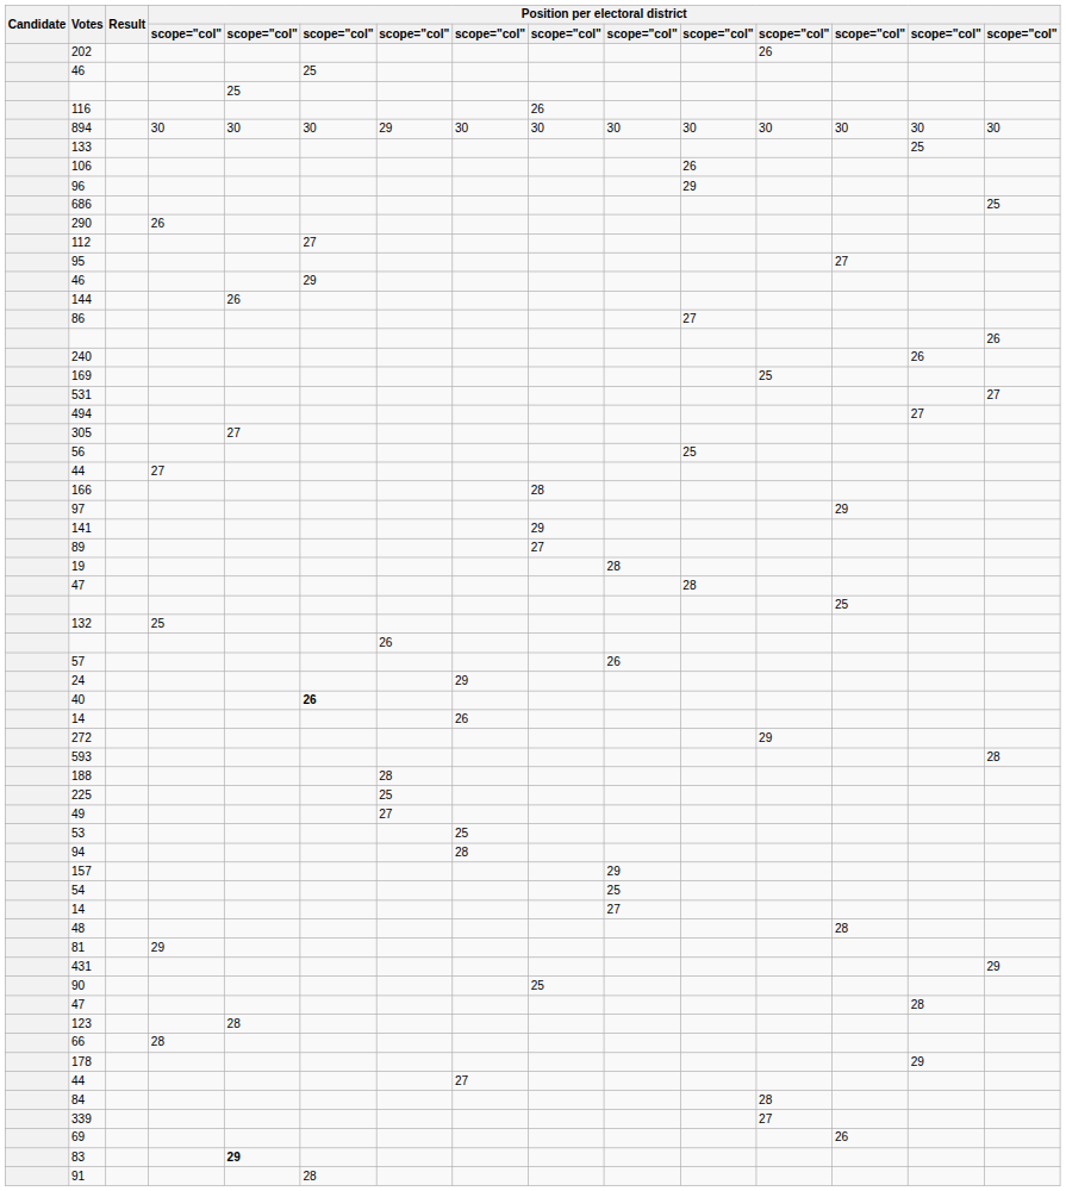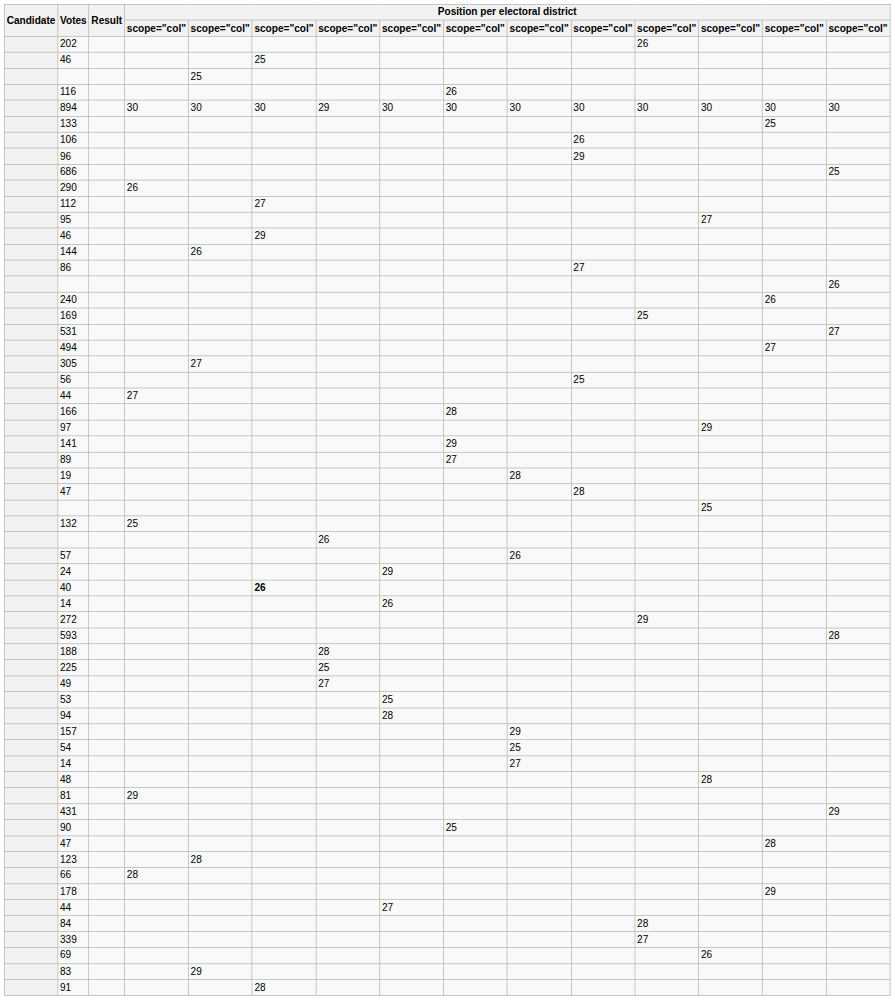 <table class="wikitable sortable defaultright col3left">
 <tr>
 <th scope="col" rowspan="2">Candidate</th>
 <th scope="col" rowspan="2">Votes</th>
 <th scope="col" rowspan="2">Result</th>
 <th scope="col" colspan="12">Position per electoral district</th>
 </tr>
 <tr>
 <th>scope="col" </th>
 <th>scope="col" </th>
 <th>scope="col" </th>
 <th>scope="col" </th>
 <th>scope="col" </th>
 <th>scope="col" </th>
 <th>scope="col" </th>
 <th>scope="col" </th>
 <th>scope="col" </th>
 <th>scope="col" </th>
 <th>scope="col" </th>
 <th>scope="col" </th>
 </tr>
 <tr>
 <th scope="row"></th>
 <td>202</td>
 <td></td>
 <td></td>
 <td></td>
 <td></td>
 <td></td>
 <td></td>
 <td></td>
 <td></td>
 <td></td>
 <td>26</td>
 <td></td>
 <td></td>
 <td></td>
 </tr>
 <tr>
 <th scope="row"></th>
 <td>46</td>
 <td></td>
 <td></td>
 <td></td>
 <td>25</td>
 <td></td>
 <td></td>
 <td></td>
 <td></td>
 <td></td>
 <td></td>
 <td></td>
 <td></td>
 <td></td>
 </tr>
 <tr>
 <th scope="row"></th>
 <td></td>
 <td></td>
 <td></td>
 <td>25</td>
 <td></td>
 <td></td>
 <td></td>
 <td></td>
 <td></td>
 <td></td>
 <td></td>
 <td></td>
 <td></td>
 <td></td>
 </tr>
 <tr>
 <th scope="row"></th>
 <td>116</td>
 <td></td>
 <td></td>
 <td></td>
 <td></td>
 <td></td>
 <td></td>
 <td>26</td>
 <td></td>
 <td></td>
 <td></td>
 <td></td>
 <td></td>
 <td></td>
 </tr>
 <tr>
 <th scope="row"></th>
 <td>894</td>
 <td></td>
 <td>30</td>
 <td>30</td>
 <td>30</td>
 <td>29</td>
 <td>30</td>
 <td>30</td>
 <td>30</td>
 <td>30</td>
 <td>30</td>
 <td>30</td>
 <td>30</td>
 <td>30</td>
 </tr>
 <tr>
 <th scope="row"></th>
 <td>133</td>
 <td></td>
 <td></td>
 <td></td>
 <td></td>
 <td></td>
 <td></td>
 <td></td>
 <td></td>
 <td></td>
 <td></td>
 <td></td>
 <td>25</td>
 <td></td>
 </tr>
 <tr>
 <th scope="row"></th>
 <td>106</td>
 <td></td>
 <td></td>
 <td></td>
 <td></td>
 <td></td>
 <td></td>
 <td></td>
 <td></td>
 <td>26</td>
 <td></td>
 <td></td>
 <td></td>
 <td></td>
 </tr>
 <tr>
 <th scope="row"></th>
 <td>96</td>
 <td></td>
 <td></td>
 <td></td>
 <td></td>
 <td></td>
 <td></td>
 <td></td>
 <td></td>
 <td>29</td>
 <td></td>
 <td></td>
 <td></td>
 <td></td>
 </tr>
 <tr>
 <th scope="row"></th>
 <td>686</td>
 <td></td>
 <td></td>
 <td></td>
 <td></td>
 <td></td>
 <td></td>
 <td></td>
 <td></td>
 <td></td>
 <td></td>
 <td></td>
 <td></td>
 <td>25</td>
 </tr>
 <tr>
 <th scope="row"></th>
 <td>290</td>
 <td></td>
 <td>26</td>
 <td></td>
 <td></td>
 <td></td>
 <td></td>
 <td></td>
 <td></td>
 <td></td>
 <td></td>
 <td></td>
 <td></td>
 <td></td>
 </tr>
 <tr>
 <th scope="row"></th>
 <td>112</td>
 <td></td>
 <td></td>
 <td></td>
 <td>27</td>
 <td></td>
 <td></td>
 <td></td>
 <td></td>
 <td></td>
 <td></td>
 <td></td>
 <td></td>
 <td></td>
 </tr>
 <tr>
 <th scope="row"></th>
 <td>95</td>
 <td></td>
 <td></td>
 <td></td>
 <td></td>
 <td></td>
 <td></td>
 <td></td>
 <td></td>
 <td></td>
 <td></td>
 <td>27</td>
 <td></td>
 <td></td>
 </tr>
 <tr>
 <th scope="row"></th>
 <td>46</td>
 <td></td>
 <td></td>
 <td></td>
 <td>29</td>
 <td></td>
 <td></td>
 <td></td>
 <td></td>
 <td></td>
 <td></td>
 <td></td>
 <td></td>
 <td></td>
 </tr>
 <tr>
 <th scope="row"></th>
 <td>144</td>
 <td></td>
 <td></td>
 <td>26</td>
 <td></td>
 <td></td>
 <td></td>
 <td></td>
 <td></td>
 <td></td>
 <td></td>
 <td></td>
 <td></td>
 <td></td>
 </tr>
 <tr>
 <th scope="row"></th>
 <td>86</td>
 <td></td>
 <td></td>
 <td></td>
 <td></td>
 <td></td>
 <td></td>
 <td></td>
 <td></td>
 <td>27</td>
 <td></td>
 <td></td>
 <td></td>
 <td></td>
 </tr>
 <tr>
 <th scope="row"></th>
 <td></td>
 <td></td>
 <td></td>
 <td></td>
 <td></td>
 <td></td>
 <td></td>
 <td></td>
 <td></td>
 <td></td>
 <td></td>
 <td></td>
 <td></td>
 <td>26</td>
 </tr>
 <tr>
 <th scope="row"></th>
 <td>240</td>
 <td></td>
 <td></td>
 <td></td>
 <td></td>
 <td></td>
 <td></td>
 <td></td>
 <td></td>
 <td></td>
 <td></td>
 <td></td>
 <td>26</td>
 <td></td>
 </tr>
 <tr>
 <th scope="row"></th>
 <td>169</td>
 <td></td>
 <td></td>
 <td></td>
 <td></td>
 <td></td>
 <td></td>
 <td></td>
 <td></td>
 <td></td>
 <td>25</td>
 <td></td>
 <td></td>
 <td></td>
 </tr>
 <tr>
 <th scope="row"></th>
 <td>531</td>
 <td></td>
 <td></td>
 <td></td>
 <td></td>
 <td></td>
 <td></td>
 <td></td>
 <td></td>
 <td></td>
 <td></td>
 <td></td>
 <td></td>
 <td>27</td>
 </tr>
 <tr>
 <th scope="row"></th>
 <td>494</td>
 <td></td>
 <td></td>
 <td></td>
 <td></td>
 <td></td>
 <td></td>
 <td></td>
 <td></td>
 <td></td>
 <td></td>
 <td></td>
 <td>27</td>
 <td></td>
 </tr>
 <tr>
 <th scope="row"></th>
 <td>305</td>
 <td></td>
 <td></td>
 <td>27</td>
 <td></td>
 <td></td>
 <td></td>
 <td></td>
 <td></td>
 <td></td>
 <td></td>
 <td></td>
 <td></td>
 <td></td>
 </tr>
 <tr>
 <th scope="row"></th>
 <td>56</td>
 <td></td>
 <td></td>
 <td></td>
 <td></td>
 <td></td>
 <td></td>
 <td></td>
 <td></td>
 <td>25</td>
 <td></td>
 <td></td>
 <td></td>
 <td></td>
 </tr>
 <tr>
 <th scope="row"></th>
 <td>44</td>
 <td></td>
 <td>27</td>
 <td></td>
 <td></td>
 <td></td>
 <td></td>
 <td></td>
 <td></td>
 <td></td>
 <td></td>
 <td></td>
 <td></td>
 <td></td>
 </tr>
 <tr>
 <th scope="row"></th>
 <td>166</td>
 <td></td>
 <td></td>
 <td></td>
 <td></td>
 <td></td>
 <td></td>
 <td>28</td>
 <td></td>
 <td></td>
 <td></td>
 <td></td>
 <td></td>
 <td></td>
 </tr>
 <tr>
 <th scope="row"></th>
 <td>97</td>
 <td></td>
 <td></td>
 <td></td>
 <td></td>
 <td></td>
 <td></td>
 <td></td>
 <td></td>
 <td></td>
 <td></td>
 <td>29</td>
 <td></td>
 <td></td>
 </tr>
 <tr>
 <th scope="row"></th>
 <td>141</td>
 <td></td>
 <td></td>
 <td></td>
 <td></td>
 <td></td>
 <td></td>
 <td>29</td>
 <td></td>
 <td></td>
 <td></td>
 <td></td>
 <td></td>
 <td></td>
 </tr>
 <tr>
 <th scope="row"></th>
 <td>89</td>
 <td></td>
 <td></td>
 <td></td>
 <td></td>
 <td></td>
 <td></td>
 <td>27</td>
 <td></td>
 <td></td>
 <td></td>
 <td></td>
 <td></td>
 <td></td>
 </tr>
 <tr>
 <th scope="row"></th>
 <td>19</td>
 <td></td>
 <td></td>
 <td></td>
 <td></td>
 <td></td>
 <td></td>
 <td></td>
 <td>28</td>
 <td></td>
 <td></td>
 <td></td>
 <td></td>
 <td></td>
 </tr>
 <tr>
 <th scope="row"></th>
 <td>47</td>
 <td></td>
 <td></td>
 <td></td>
 <td></td>
 <td></td>
 <td></td>
 <td></td>
 <td></td>
 <td>28</td>
 <td></td>
 <td></td>
 <td></td>
 <td></td>
 </tr>
 <tr>
 <th scope="row"></th>
 <td></td>
 <td></td>
 <td></td>
 <td></td>
 <td></td>
 <td></td>
 <td></td>
 <td></td>
 <td></td>
 <td></td>
 <td></td>
 <td>25</td>
 <td></td>
 <td></td>
 </tr>
 <tr>
 <th scope="row"></th>
 <td>132</td>
 <td></td>
 <td>25</td>
 <td></td>
 <td></td>
 <td></td>
 <td></td>
 <td></td>
 <td></td>
 <td></td>
 <td></td>
 <td></td>
 <td></td>
 <td></td>
 </tr>
 <tr>
 <th scope="row"></th>
 <td></td>
 <td></td>
 <td></td>
 <td></td>
 <td></td>
 <td>26</td>
 <td></td>
 <td></td>
 <td></td>
 <td></td>
 <td></td>
 <td></td>
 <td></td>
 <td></td>
 </tr>
 <tr>
 <th scope="row"></th>
 <td>57</td>
 <td></td>
 <td></td>
 <td></td>
 <td></td>
 <td></td>
 <td></td>
 <td></td>
 <td>26</td>
 <td></td>
 <td></td>
 <td></td>
 <td></td>
 <td></td>
 </tr>
 <tr>
 <th scope="row"></th>
 <td>24</td>
 <td></td>
 <td></td>
 <td></td>
 <td></td>
 <td></td>
 <td>29</td>
 <td></td>
 <td></td>
 <td></td>
 <td></td>
 <td></td>
 <td></td>
 <td></td>
 </tr>
 <tr>
 <th scope="row"></th>
 <td>40</td>
 <td></td>
 <td></td>
 <td></td>
 <td><strong>26</strong></td>
 <td></td>
 <td></td>
 <td></td>
 <td></td>
 <td></td>
 <td></td>
 <td></td>
 <td></td>
 <td></td>
 </tr>
 <tr>
 <th scope="row"></th>
 <td>14</td>
 <td></td>
 <td></td>
 <td></td>
 <td></td>
 <td></td>
 <td>26</td>
 <td></td>
 <td></td>
 <td></td>
 <td></td>
 <td></td>
 <td></td>
 <td></td>
 </tr>
 <tr>
 <th scope="row"></th>
 <td>272</td>
 <td></td>
 <td></td>
 <td></td>
 <td></td>
 <td></td>
 <td></td>
 <td></td>
 <td></td>
 <td></td>
 <td>29</td>
 <td></td>
 <td></td>
 <td></td>
 </tr>
 <tr>
 <th scope="row"></th>
 <td>593</td>
 <td></td>
 <td></td>
 <td></td>
 <td></td>
 <td></td>
 <td></td>
 <td></td>
 <td></td>
 <td></td>
 <td></td>
 <td></td>
 <td></td>
 <td>28</td>
 </tr>
 <tr>
 <th scope="row"></th>
 <td>188</td>
 <td></td>
 <td></td>
 <td></td>
 <td></td>
 <td>28</td>
 <td></td>
 <td></td>
 <td></td>
 <td></td>
 <td></td>
 <td></td>
 <td></td>
 <td></td>
 </tr>
 <tr>
 <th scope="row"></th>
 <td>225</td>
 <td></td>
 <td></td>
 <td></td>
 <td></td>
 <td>25</td>
 <td></td>
 <td></td>
 <td></td>
 <td></td>
 <td></td>
 <td></td>
 <td></td>
 <td></td>
 </tr>
 <tr>
 <th scope="row"></th>
 <td>49</td>
 <td></td>
 <td></td>
 <td></td>
 <td></td>
 <td>27</td>
 <td></td>
 <td></td>
 <td></td>
 <td></td>
 <td></td>
 <td></td>
 <td></td>
 <td></td>
 </tr>
 <tr>
 <th scope="row"></th>
 <td>53</td>
 <td></td>
 <td></td>
 <td></td>
 <td></td>
 <td></td>
 <td>25</td>
 <td></td>
 <td></td>
 <td></td>
 <td></td>
 <td></td>
 <td></td>
 <td></td>
 </tr>
 <tr>
 <th scope="row"></th>
 <td>94</td>
 <td></td>
 <td></td>
 <td></td>
 <td></td>
 <td></td>
 <td>28</td>
 <td></td>
 <td></td>
 <td></td>
 <td></td>
 <td></td>
 <td></td>
 <td></td>
 </tr>
 <tr>
 <th scope="row"></th>
 <td>157</td>
 <td></td>
 <td></td>
 <td></td>
 <td></td>
 <td></td>
 <td></td>
 <td></td>
 <td>29</td>
 <td></td>
 <td></td>
 <td></td>
 <td></td>
 <td></td>
 </tr>
 <tr>
 <th scope="row"></th>
 <td>54</td>
 <td></td>
 <td></td>
 <td></td>
 <td></td>
 <td></td>
 <td></td>
 <td></td>
 <td>25</td>
 <td></td>
 <td></td>
 <td></td>
 <td></td>
 <td></td>
 </tr>
 <tr>
 <th scope="row"></th>
 <td>14</td>
 <td></td>
 <td></td>
 <td></td>
 <td></td>
 <td></td>
 <td></td>
 <td></td>
 <td>27</td>
 <td></td>
 <td></td>
 <td></td>
 <td></td>
 <td></td>
 </tr>
 <tr>
 <th scope="row"></th>
 <td>48</td>
 <td></td>
 <td></td>
 <td></td>
 <td></td>
 <td></td>
 <td></td>
 <td></td>
 <td></td>
 <td></td>
 <td></td>
 <td>28</td>
 <td></td>
 <td></td>
 </tr>
 <tr>
 <th scope="row"></th>
 <td>81</td>
 <td></td>
 <td>29</td>
 <td></td>
 <td></td>
 <td></td>
 <td></td>
 <td></td>
 <td></td>
 <td></td>
 <td></td>
 <td></td>
 <td></td>
 <td></td>
 </tr>
 <tr>
 <th scope="row"></th>
 <td>431</td>
 <td></td>
 <td></td>
 <td></td>
 <td></td>
 <td></td>
 <td></td>
 <td></td>
 <td></td>
 <td></td>
 <td></td>
 <td></td>
 <td></td>
 <td>29</td>
 </tr>
 <tr>
 <th scope="row"></th>
 <td>90</td>
 <td></td>
 <td></td>
 <td></td>
 <td></td>
 <td></td>
 <td></td>
 <td>25</td>
 <td></td>
 <td></td>
 <td></td>
 <td></td>
 <td></td>
 <td></td>
 </tr>
 <tr>
 <th scope="row"></th>
 <td>47</td>
 <td></td>
 <td></td>
 <td></td>
 <td></td>
 <td></td>
 <td></td>
 <td></td>
 <td></td>
 <td></td>
 <td></td>
 <td></td>
 <td>28</td>
 <td></td>
 </tr>
 <tr>
 <th scope="row"></th>
 <td>123</td>
 <td></td>
 <td></td>
 <td>28</td>
 <td></td>
 <td></td>
 <td></td>
 <td></td>
 <td></td>
 <td></td>
 <td></td>
 <td></td>
 <td></td>
 <td></td>
 </tr>
 <tr>
 <th scope="row"></th>
 <td>66</td>
 <td></td>
 <td>28</td>
 <td></td>
 <td></td>
 <td></td>
 <td></td>
 <td></td>
 <td></td>
 <td></td>
 <td></td>
 <td></td>
 <td></td>
 <td></td>
 </tr>
 <tr>
 <th scope="row"></th>
 <td>178</td>
 <td></td>
 <td></td>
 <td></td>
 <td></td>
 <td></td>
 <td></td>
 <td></td>
 <td></td>
 <td></td>
 <td></td>
 <td></td>
 <td>29</td>
 <td></td>
 </tr>
 <tr>
 <th scope="row"></th>
 <td>44</td>
 <td></td>
 <td></td>
 <td></td>
 <td></td>
 <td></td>
 <td>27</td>
 <td></td>
 <td></td>
 <td></td>
 <td></td>
 <td></td>
 <td></td>
 <td></td>
 </tr>
 <tr>
 <th scope="row"></th>
 <td>84</td>
 <td></td>
 <td></td>
 <td></td>
 <td></td>
 <td></td>
 <td></td>
 <td></td>
 <td></td>
 <td></td>
 <td>28</td>
 <td></td>
 <td></td>
 <td></td>
 </tr>
 <tr>
 <th scope="row"></th>
 <td>339</td>
 <td></td>
 <td></td>
 <td></td>
 <td></td>
 <td></td>
 <td></td>
 <td></td>
 <td></td>
 <td></td>
 <td>27</td>
 <td></td>
 <td></td>
 <td></td>
 </tr>
 <tr>
 <th scope="row"></th>
 <td>69</td>
 <td></td>
 <td></td>
 <td></td>
 <td></td>
 <td></td>
 <td></td>
 <td></td>
 <td></td>
 <td></td>
 <td></td>
 <td>26</td>
 <td></td>
 <td></td>
 </tr>
 <tr>
 <th scope="row"></th>
 <td>83</td>
 <td></td>
 <td></td>
-<td><strong>29</strong></td>
+<td>29</td>
 <td></td>
 <td></td>
 <td></td>
 <td></td>
 <td></td>
 <td></td>
 <td></td>
 <td></td>
 <td></td>
 <td></td>
 </tr>
 <tr>
 <th scope="row"></th>
 <td>91</td>
 <td></td>
 <td></td>
 <td></td>
 <td>28</td>
 <td></td>
 <td></td>
 <td></td>
 <td></td>
 <td></td>
 <td></td>
 <td></td>
 <td></td>
 <td></td>
 </tr>
 </table>
